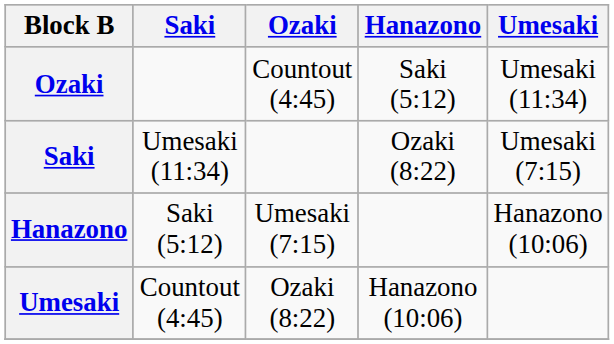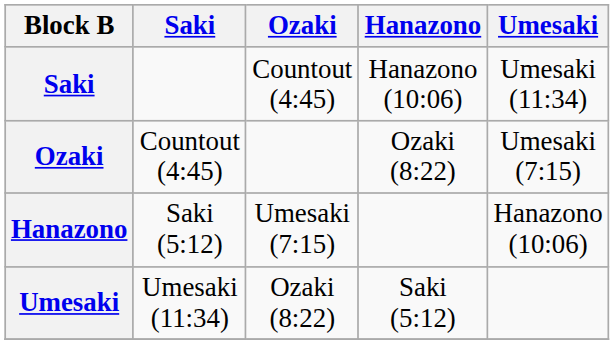 <table class="wikitable" style="text-align:center; margin: 1em auto 1em auto;" width="25%">
 <tr>
 <th>Block B</th>
 <th><a href='#'>Saki</a></th>
 <th><a href='#'>Ozaki</a></th>
 <th><a href='#'>Hanazono</a></th>
 <th><a href='#'>Umesaki</a></th>
 </tr>
 <tr>
-<th><a href='#'>Ozaki</a></th>
+<th><a href='#'>Saki</a></th>
 <td></td>
 <td>Countout<br>(4:45)</td>
-<td>Saki<br>(5:12)</td>
+<td>Hanazono<br>(10:06)</td>
 <td>Umesaki<br>(11:34)</td>
 </tr>
 <tr>
-<th><a href='#'>Saki</a></th>
-<td>Umesaki<br>(11:34)</td>
+<th><a href='#'>Ozaki</a></th>
+<td>Countout<br>(4:45)</td>
 <td></td>
 <td>Ozaki<br>(8:22)</td>
 <td>Umesaki<br>(7:15)</td>
 </tr>
 <tr>
 <th><a href='#'>Hanazono</a></th>
 <td>Saki<br>(5:12)</td>
 <td>Umesaki<br>(7:15)</td>
 <td></td>
 <td>Hanazono<br>(10:06)</td>
 </tr>
 <tr>
 <th><a href='#'>Umesaki</a></th>
-<td>Countout<br>(4:45)</td>
+<td>Umesaki<br>(11:34)</td>
 <td>Ozaki<br>(8:22)</td>
-<td>Hanazono<br>(10:06)</td>
+<td>Saki<br>(5:12)</td>
 <td></td>
 </tr>
 <tr>
 </tr>
 </table>
